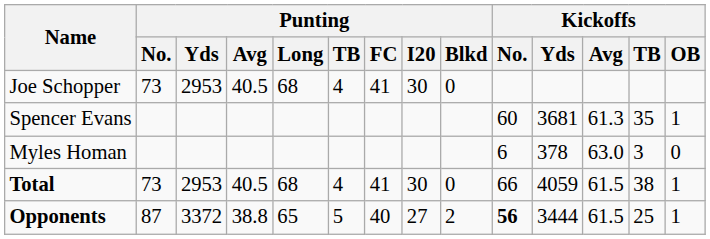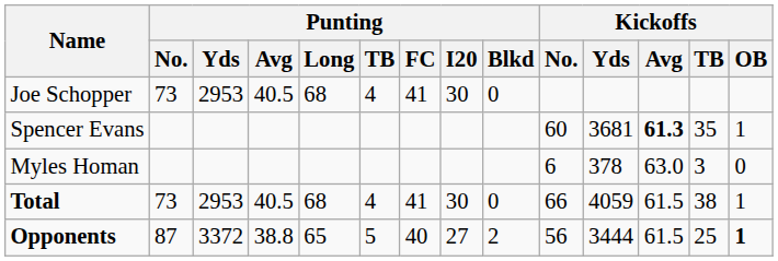 <table class="wikitable" style="white-space:nowrap;">
 <tr>
 <th rowspan="2">Name</th>
 <th colspan="8">Punting</th>
 <th colspan="5">Kickoffs</th>
 </tr>
 <tr>
 <th>No.</th>
 <th>Yds</th>
 <th>Avg</th>
 <th>Long</th>
 <th>TB</th>
 <th>FC</th>
 <th>I20</th>
 <th>Blkd</th>
 <th>No.</th>
 <th>Yds</th>
 <th>Avg</th>
 <th>TB</th>
 <th>OB</th>
 </tr>
 <tr>
 <td>Joe Schopper</td>
 <td>73</td>
 <td>2953</td>
 <td>40.5</td>
 <td>68</td>
 <td>4</td>
 <td>41</td>
 <td>30</td>
 <td>0</td>
 <td></td>
 <td></td>
 <td></td>
 <td></td>
 <td></td>
 </tr>
 <tr>
 <td>Spencer Evans</td>
 <td></td>
 <td></td>
 <td></td>
 <td></td>
 <td></td>
 <td></td>
 <td></td>
 <td></td>
 <td>60</td>
 <td>3681</td>
-<td>61.3</td>
+<td><strong>61.3</strong></td>
 <td>35</td>
 <td>1</td>
 </tr>
 <tr>
 <td>Myles Homan</td>
 <td></td>
 <td></td>
 <td></td>
 <td></td>
 <td></td>
 <td></td>
 <td></td>
 <td></td>
 <td>6</td>
 <td>378</td>
 <td>63.0</td>
 <td>3</td>
 <td>0</td>
 </tr>
 <tr>
 <td><strong>Total</strong></td>
 <td>73</td>
 <td>2953</td>
 <td>40.5</td>
 <td>68</td>
 <td>4</td>
 <td>41</td>
 <td>30</td>
 <td>0</td>
 <td>66</td>
 <td>4059</td>
 <td>61.5</td>
 <td>38</td>
 <td>1</td>
 </tr>
 <tr>
 <td><strong>Opponents</strong></td>
 <td>87</td>
 <td>3372</td>
 <td>38.8</td>
 <td>65</td>
 <td>5</td>
 <td>40</td>
 <td>27</td>
 <td>2</td>
-<td><strong>56</strong></td>
+<td>56</td>
 <td>3444</td>
 <td>61.5</td>
 <td>25</td>
-<td>1</td>
+<td><strong>1</strong></td>
 </tr>
 </table>
